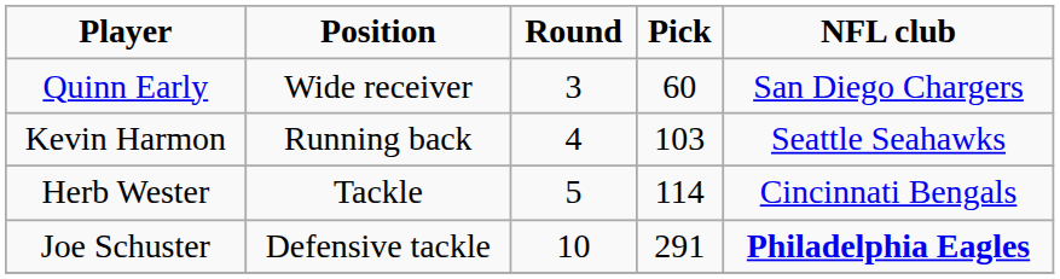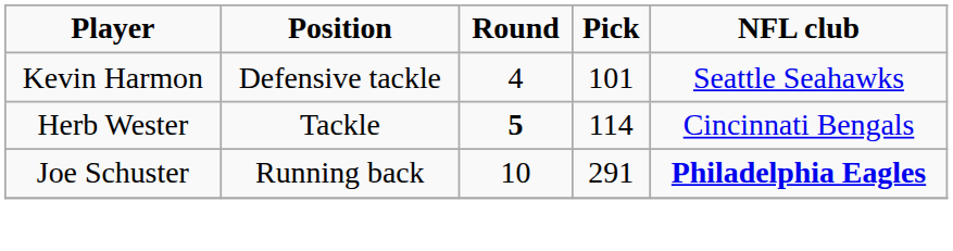 <table class="wikitable" width="80%">
 <tr align="center">
 <td><strong>Player</strong></td>
 <td><strong>Position</strong></td>
 <td><strong>Round</strong></td>
 <td><strong>Pick</strong></td>
 <td><strong>NFL club</strong></td>
 </tr>
 <tr align="center" bgcolor="">
-<td><a href='#'>Quinn Early</a></td>
-<td>Wide receiver</td>
-<td>3</td>
-<td>60</td>
-<td><a href='#'>San Diego Chargers</a></td>
-</tr>
-<tr align="center" bgcolor="">
 <td>Kevin Harmon</td>
-<td>Running back</td>
+<td>Defensive tackle</td>
 <td>4</td>
-<td>103</td>
+<td>101</td>
 <td><a href='#'>Seattle Seahawks</a></td>
 </tr>
 <tr align="center" bgcolor="">
 <td>Herb Wester</td>
 <td>Tackle</td>
-<td>5</td>
+<td><strong>5</strong></td>
 <td>114</td>
 <td><a href='#'>Cincinnati Bengals</a></td>
 </tr>
 <tr align="center" bgcolor="">
 <td>Joe Schuster</td>
-<td>Defensive tackle</td>
+<td>Running back</td>
 <td>10</td>
 <td>291</td>
 <td><strong><a href='#'>Philadelphia Eagles</a></strong></td>
 </tr>
 <tr align="center" bgcolor="">
 </tr>
 </table>
